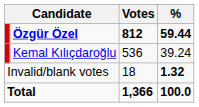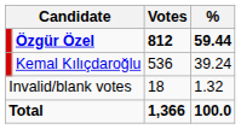 <table class="wikitable">
 <tr =>
 <th colspan="2">Candidate</th>
 <th>Votes</th>
 <th>%</th>
 </tr>
 <tr>
 <td style="background: #d70000"></td>
 <td><strong><a href='#'>Özgür Özel</a></strong></td>
 <td><strong>812</strong></td>
 <td><strong>59.44</strong></td>
 </tr>
 <tr>
 <td style="background: #d70000"></td>
 <td><a href='#'>Kemal Kılıçdaroğlu</a></td>
 <td>536</td>
 <td>39.24</td>
 </tr>
 <tr>
 <td colspan="2">Invalid/blank votes</td>
 <td>18</td>
-<td><strong>1.32</strong></td>
+<td>1.32</td>
 </tr>
 <tr>
 <td colspan="2"><strong>Total</strong></td>
 <td><strong>1,366</strong></td>
 <td><strong>100.0</strong></td>
 </tr>
 </table>
